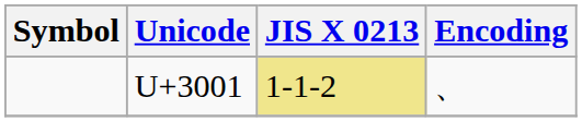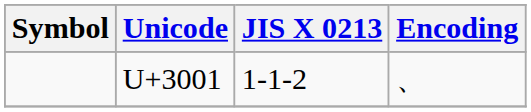 <table class="wikitable">
 <tr>
 <th>Symbol</th>
 <th><a href='#'>Unicode</a></th>
 <th><a href='#'>JIS X 0213</a></th>
 <th><a href='#'>Encoding</a></th>
 </tr>
 <tr>
 <td></td>
 <td>U+3001</td>
-<td style="background: khaki;">1-1-2</td>
+<td>1-1-2</td>
 <td>&#12289;</td>
 </tr>
 <tr>
 </tr>
 </table>
